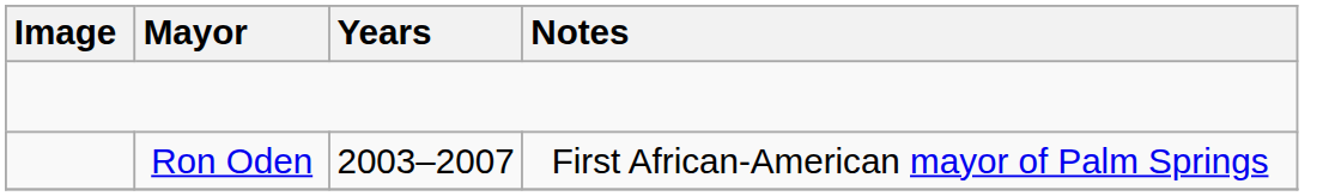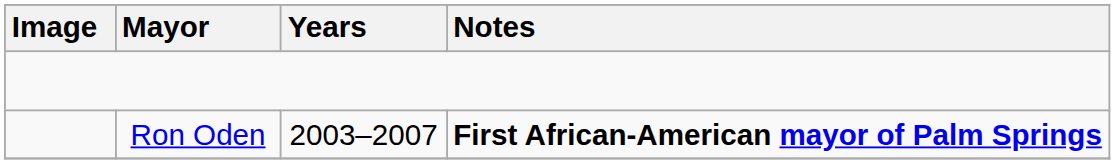 <table class="wikitable" style="text-align:center">
 <tr>
 <th style="text-align:left; width:10%;">Image</th>
 <th style="text-align:left; width:15%;">Mayor</th>
 <th style="text-align:left; width:15%;">Years</th>
 <th style="text-align:left; width:60%;">Notes</th>
 </tr>
 <tr style="height:2em">
 </tr>
 <tr>
 <td></td>
 <td><a href='#'>Ron Oden</a></td>
 <td>2003–2007</td>
-<td>First African-American <a href='#'>mayor of Palm Springs</a></td>
+<td><strong>First African-American <a href='#'>mayor of Palm Springs</a></strong></td>
 </tr>
 <tr>
 </tr>
 </table>
